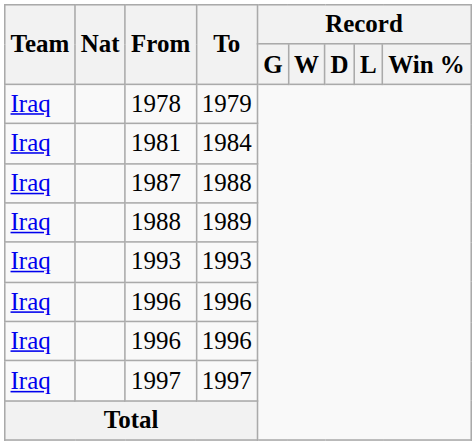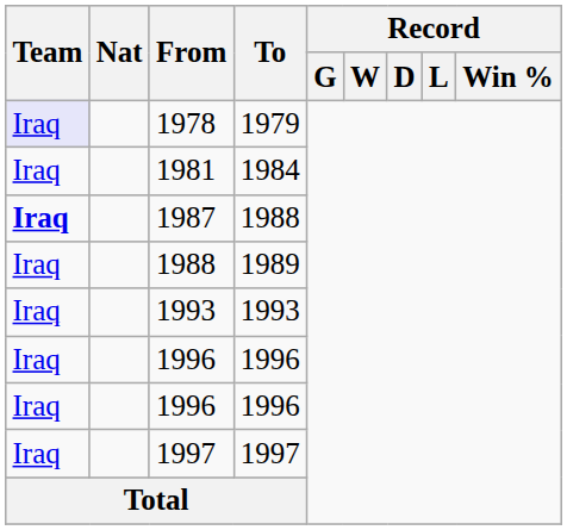 <table class="wikitable" style="text-align: center">
 <tr>
 <th rowspan="2">Team</th>
 <th rowspan="2">Nat</th>
 <th rowspan="2">From</th>
 <th rowspan="2">To</th>
 <th colspan="5">Record</th>
 </tr>
 <tr>
 <th>G</th>
 <th>W</th>
 <th>D</th>
 <th>L</th>
 <th>Win %</th>
 </tr>
 <tr>
-<td align=left><a href='#'>Iraq</a></td>
+<td align=left style="background: lavender;"><a href='#'>Iraq</a></td>
 <td></td>
 <td align=left>1978</td>
 <td align=left>1979<br></td>
 </tr>
 <tr>
 <td align=left><a href='#'>Iraq</a></td>
 <td></td>
 <td align=left>1981</td>
 <td align=left>1984<br></td>
 </tr>
 <tr>
-<td align=left><a href='#'>Iraq</a></td>
+<td align=left><strong><a href='#'>Iraq</a></strong></td>
 <td></td>
 <td align=left>1987</td>
 <td align=left>1988<br></td>
 </tr>
 <tr>
 <td align=left><a href='#'>Iraq</a></td>
 <td></td>
 <td align=left>1988</td>
 <td align=left>1989<br></td>
 </tr>
 <tr>
 <td align=left><a href='#'>Iraq</a></td>
 <td></td>
 <td align=left>1993</td>
 <td align=left>1993<br></td>
 </tr>
 <tr>
 <td align=left><a href='#'>Iraq</a></td>
 <td></td>
 <td align=left>1996</td>
 <td align=left>1996<br></td>
 </tr>
 <tr>
 <td align=left><a href='#'>Iraq</a></td>
 <td></td>
 <td align=left>1996</td>
 <td align=left>1996<br></td>
 </tr>
 <tr>
 <td align=left><a href='#'>Iraq</a></td>
 <td></td>
 <td align=left>1997</td>
 <td align=left>1997<br></td>
 </tr>
 <tr>
 <th colspan="4" align="center" valign=middle>Total<br></th>
 </tr>
 </table>
